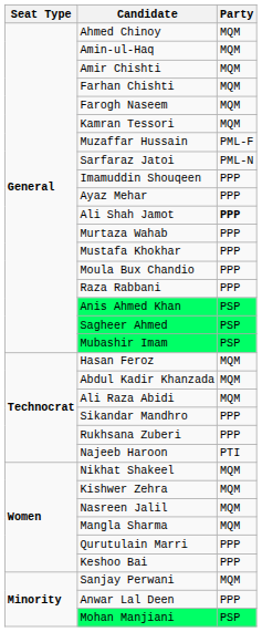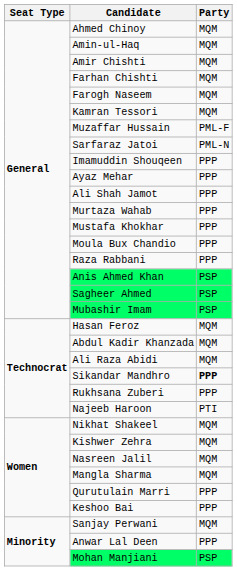 <table class="wikitable">
 <tr>
 <th>Seat Type</th>
 <th>Candidate</th>
 <th>Party</th>
 </tr>
 <tr>
 <td rowspan="18"><strong>General</strong></td>
 <td style="background:">Ahmed Chinoy</td>
 <td style="background:">MQM</td>
 </tr>
 <tr>
 <td style="background:">Amin-ul-Haq</td>
 <td style="background:">MQM</td>
 </tr>
 <tr>
 <td style="background:">Amir Chishti</td>
 <td style="background:">MQM</td>
 </tr>
 <tr>
 <td style="background:">Farhan Chishti</td>
 <td style="background:">MQM</td>
 </tr>
 <tr>
 <td style="background:">Farogh Naseem</td>
 <td style="background:">MQM</td>
 </tr>
 <tr>
 <td style="background:">Kamran Tessori</td>
 <td style="background:">MQM</td>
 </tr>
 <tr>
 <td style="background:">Muzaffar Hussain</td>
 <td style="background:">PML-F</td>
 </tr>
 <tr>
 <td style="background:">Sarfaraz Jatoi</td>
 <td style="background:">PML-N</td>
 </tr>
 <tr>
 <td style="background:">Imamuddin Shouqeen</td>
 <td style="background:">PPP</td>
 </tr>
 <tr>
 <td style="background:">Ayaz Mehar</td>
 <td style="background:">PPP</td>
 </tr>
 <tr>
 <td style="background:">Ali Shah Jamot</td>
-<td style="background:"><strong>PPP</strong></td>
+<td style="background:">PPP</td>
 </tr>
 <tr>
 <td style="background:">Murtaza Wahab</td>
 <td style="background:">PPP</td>
 </tr>
 <tr>
 <td style="background:">Mustafa Khokhar</td>
 <td style="background:">PPP</td>
 </tr>
 <tr>
 <td style="background:">Moula Bux Chandio</td>
 <td style="background:">PPP</td>
 </tr>
 <tr>
 <td style="background:">Raza Rabbani</td>
 <td style="background:">PPP</td>
 </tr>
 <tr>
 <td style="background:#00ff66;color:black">Anis Ahmed Khan</td>
 <td style="background:#00ff66;color:black">PSP</td>
 </tr>
 <tr>
 <td style="background:#00ff66;color:black">Sagheer Ahmed</td>
 <td style="background:#00ff66;color:black">PSP</td>
 </tr>
 <tr>
 <td style="background:#00ff66;color:black">Mubashir Imam</td>
 <td style="background:#00ff66;color:black">PSP</td>
 </tr>
 <tr>
 <td rowspan="6"><strong>Technocrat</strong></td>
 <td style="background:">Hasan Feroz</td>
 <td style="background:">MQM</td>
 </tr>
 <tr>
 <td style="background:">Abdul Kadir Khanzada</td>
 <td style="background:">MQM</td>
 </tr>
 <tr>
 <td style="background:">Ali Raza Abidi</td>
 <td style="background:">MQM</td>
 </tr>
 <tr>
 <td style="background:">Sikandar Mandhro</td>
-<td style="background:">PPP</td>
+<td style="background:"><strong>PPP</strong></td>
 </tr>
 <tr>
 <td style="background:">Rukhsana Zuberi</td>
 <td style="background:">PPP</td>
 </tr>
 <tr>
 <td style="background:">Najeeb Haroon</td>
 <td style="background:">PTI</td>
 </tr>
 <tr>
 <td rowspan="6"><strong>Women</strong></td>
 <td style="background:">Nikhat Shakeel</td>
 <td style="background:">MQM</td>
 </tr>
 <tr>
 <td style="background:">Kishwer Zehra</td>
 <td style="background:">MQM</td>
 </tr>
 <tr>
 <td style="background:">Nasreen Jalil</td>
 <td style="background:">MQM</td>
 </tr>
 <tr>
 <td style="background:">Mangla Sharma</td>
 <td style="background:">MQM</td>
 </tr>
 <tr>
 <td style="background:">Qurutulain Marri</td>
 <td style="background:">PPP</td>
 </tr>
 <tr>
 <td style="background:">Keshoo Bai</td>
 <td style="background:">PPP</td>
 </tr>
 <tr>
 <td rowspan="3"><strong>Minority</strong></td>
 <td style="background:">Sanjay Perwani</td>
 <td style="background:">MQM</td>
 </tr>
 <tr>
 <td style="background:">Anwar Lal Deen</td>
 <td style="background:">PPP</td>
 </tr>
 <tr>
 <td style="background:#00ff66;color:black">Mohan Manjiani</td>
 <td style="background:#00ff66;color:black">PSP</td>
 </tr>
 </table>
